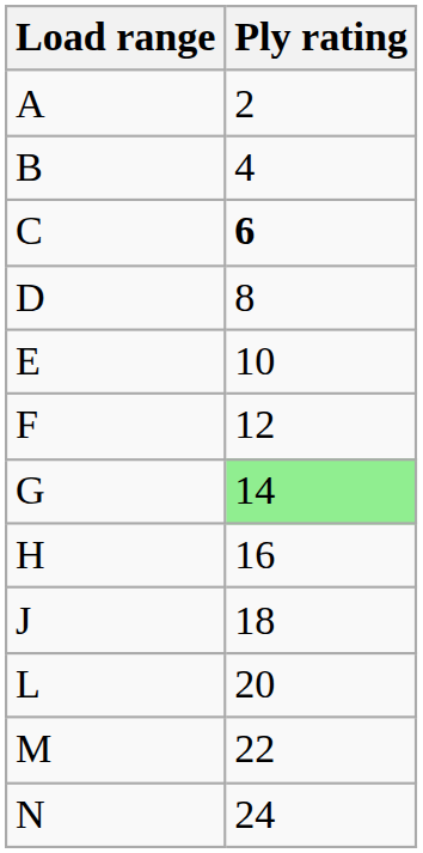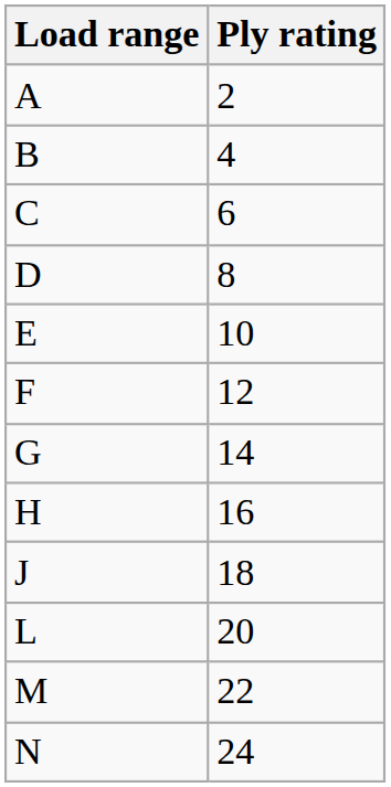 <table class="wikitable">
 <tr>
 <th>Load range</th>
 <th>Ply rating</th>
 </tr>
 <tr>
 <td>A</td>
 <td>2</td>
 </tr>
 <tr>
 <td>B</td>
 <td>4</td>
 </tr>
 <tr>
 <td>C</td>
-<td><strong>6</strong></td>
+<td>6</td>
 </tr>
 <tr>
 <td>D</td>
 <td>8</td>
 </tr>
 <tr>
 <td>E</td>
 <td>10</td>
 </tr>
 <tr>
 <td>F</td>
 <td>12</td>
 </tr>
 <tr>
 <td>G</td>
-<td style="background: lightgreen;">14</td>
+<td>14</td>
 </tr>
 <tr>
 <td>H</td>
 <td>16</td>
 </tr>
 <tr>
 <td>J</td>
 <td>18</td>
 </tr>
 <tr>
 <td>L</td>
 <td>20</td>
 </tr>
 <tr>
 <td>M</td>
 <td>22</td>
 </tr>
 <tr>
 <td>N</td>
 <td>24</td>
 </tr>
 </table>
